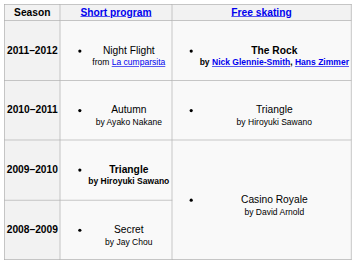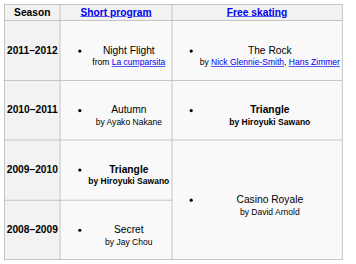 <table class=wikitable style=text-align:center>
 <tr>
 <th>Season</th>
 <th><a href='#'>Short program</a></th>
 <th><a href='#'>Free skating</a></th>
 </tr>
 <tr>
 <th>2011–2012 <br> </th>
 <td><br><ul><li>Night Flight <br><small> from <a href='#'>La cumparsita</a> </small></li></ul></td>
-<td><strong><br><ul><li>The Rock <br><small> by <a href='#'>Nick Glennie-Smith</a>, <a href='#'>Hans Zimmer</a> </small></li></ul></strong></td>
+<td><br><ul><li>The Rock <br><small> by <a href='#'>Nick Glennie-Smith</a>, <a href='#'>Hans Zimmer</a> </small></li></ul></td>
 </tr>
 <tr>
 <th>2010–2011 <br> </th>
 <td><br><ul><li>Autumn <br><small> by Ayako Nakane </small></li></ul></td>
-<td><br><ul><li>Triangle <br><small> by Hiroyuki Sawano </small></li></ul></td>
+<td><strong><br><ul><li>Triangle <br><small> by Hiroyuki Sawano </small></li></ul></strong></td>
 </tr>
 <tr>
 <th>2009–2010 <br> </th>
 <td><strong><br><ul><li>Triangle <br><small> by Hiroyuki Sawano </small></li></ul></strong></td>
 <td rowspan=2><br><ul><li>Casino Royale <br><small> by David Arnold </small></li></ul></td>
 </tr>
 <tr>
 <th>2008–2009 <br> </th>
 <td><br><ul><li>Secret <br><small> by Jay Chou </small></li></ul></td>
 </tr>
 </table>
